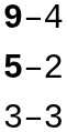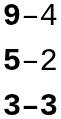 <table style="text-align:center" width=500>
 <tr>
 <th width=30%></th>
 <th width=10%></th>
 <th width=30%></th>
 <th width=10%></th>
 </tr>
 <tr>
 <td align="right"><strong></strong></td>
 <td><strong>9</strong>–4</td>
 <td align="left"></td>
 </tr>
 <tr>
 <td align="right"><strong></strong></td>
 <td><strong>5</strong>–2</td>
 <td align="left"></td>
 </tr>
 <tr>
 <td align="right"></td>
-<td>3–3</td>
+<td><strong>3–3</strong></td>
 <td align="left"></td>
 </tr>
 </table>
